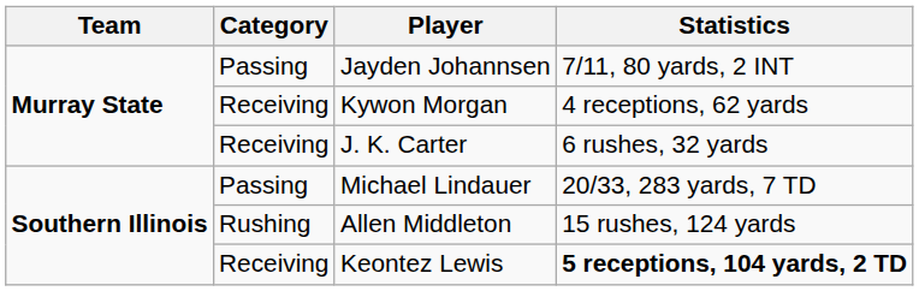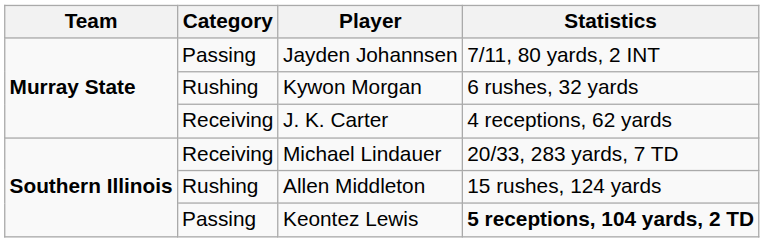 <table class="wikitable" style="float: right;">
 <tr>
 <th>Team</th>
 <th>Category</th>
 <th>Player</th>
 <th>Statistics</th>
 </tr>
 <tr>
 <td rowspan=3><strong>Murray State</strong></td>
 <td>Passing</td>
 <td>Jayden Johannsen</td>
 <td>7/11, 80 yards, 2 INT</td>
 </tr>
 <tr>
-<td>Receiving</td>
+<td>Rushing</td>
 <td>Kywon Morgan</td>
-<td>4 receptions, 62 yards</td>
+<td>6 rushes, 32 yards</td>
 </tr>
 <tr>
 <td>Receiving</td>
 <td>J. K. Carter</td>
-<td>6 rushes, 32 yards</td>
+<td>4 receptions, 62 yards</td>
 </tr>
 <tr>
 <td rowspan=3><strong>Southern Illinois</strong></td>
-<td>Passing</td>
+<td>Receiving</td>
 <td>Michael Lindauer</td>
 <td>20/33, 283 yards, 7 TD</td>
 </tr>
 <tr>
 <td>Rushing</td>
 <td>Allen Middleton</td>
 <td>15 rushes, 124 yards</td>
 </tr>
 <tr>
-<td>Receiving</td>
+<td>Passing</td>
 <td>Keontez Lewis</td>
 <td><strong>5 receptions, 104 yards, 2 TD</strong></td>
 </tr>
 </table>
